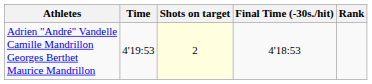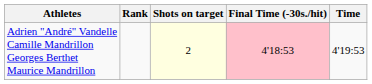 <table class="wikitable" style="font-size:90%">
 <tr>
 <th>Athletes</th>
-<th>Time</th>
+<th>Rank</th>
 <th>Shots on target</th>
 <th>Final Time (-30s./hit)</th>
-<th>Rank</th>
+<th>Time</th>
 </tr>
 <tr>
 <td><a href='#'>Adrien "André" Vandelle</a><br><a href='#'>Camille Mandrillon</a><br><a href='#'>Georges Berthet</a><br><a href='#'>Maurice Mandrillon</a></td>
+<td align="center"></td>
+<td align="center" style="background: lightyellow;">2</td>
+<td align="center" style="background: pink;">4'18:53</td>
 <td align="center">4'19:53</td>
-<td align="center" style="background: lightyellow;">2</td>
-<td align="center">4'18:53</td>
-<td align="center"></td>
 </tr>
 </table>
